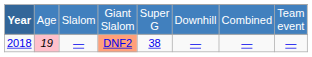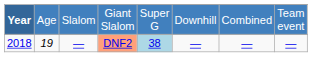 <table class="wikitable" style="font-size:95%; text-align:center; border:grey solid 1px; border-collapse:collapse;" width="40%">
 <tr style="background-color:#369; color:white;">
 <td rowspan="2" colspan="1" width="4%"><strong>Year</strong></td>
 </tr>
 <tr style="background-color:#4180be; color:white;">
 <td width="3%">Age</td>
 <td width="5%">Slalom</td>
 <td width="5%">Giant<br>Slalom</td>
 <td width="5%">Super G</td>
 <td width="5%">Downhill</td>
 <td width="5%">Combined</td>
 <td width="5%">Team event</td>
 </tr>
 <tr style="background-color:#8CB2D8; color:white;">
 </tr>
 <tr>
 <td><a href='#'>2018</a></td>
-<td style="background: pink;"><em>19</em></td>
+<td><em>19</em></td>
 <td><a href='#'>—</a></td>
 <td style="background: lightsalmon;"><a href='#'>DNF2</a></td>
-<td><a href='#'>38</a></td>
+<td style="background: lightblue;"><a href='#'>38</a></td>
 <td><a href='#'>—</a></td>
 <td><a href='#'>—</a></td>
 <td><a href='#'>—</a></td>
 </tr>
 </table>
